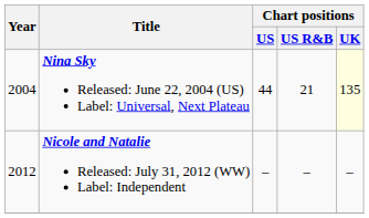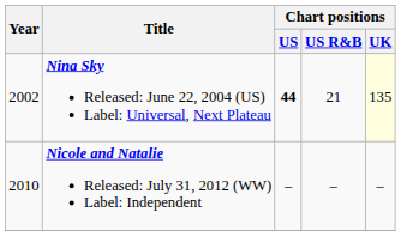 <table class="wikitable plainrowheaders" style="text-align:center;">
 <tr>
 <th rowspan="2">Year</th>
 <th rowspan="2">Title</th>
 <th colspan="3">Chart positions</th>
 </tr>
 <tr>
 <th><a href='#'>US</a><br></th>
 <th><a href='#'>US R&B</a><br></th>
 <th><a href='#'>UK</a><br></th>
 </tr>
 <tr>
-<td>2004</td>
+<td>2002</td>
 <td style="text-align: left"><strong><em><a href='#'>Nina Sky</a></em></strong><br><ul><li>Released: June 22, 2004 (US)</li><li>Label: <a href='#'>Universal</a>, <a href='#'>Next Plateau</a></li></ul></td>
-<td>44</td>
+<td><strong>44</strong></td>
 <td>21</td>
 <td style="background: lightyellow;">135</td>
 </tr>
 <tr>
-<td>2012</td>
+<td>2010</td>
 <td style="text-align: left"><strong><em><a href='#'>Nicole and Natalie</a></em></strong><br><ul><li>Released: July 31, 2012 (WW)</li><li>Label: Independent</li></ul></td>
 <td>–</td>
 <td>–</td>
 <td>–</td>
 </tr>
 <tr>
 </tr>
 </table>
